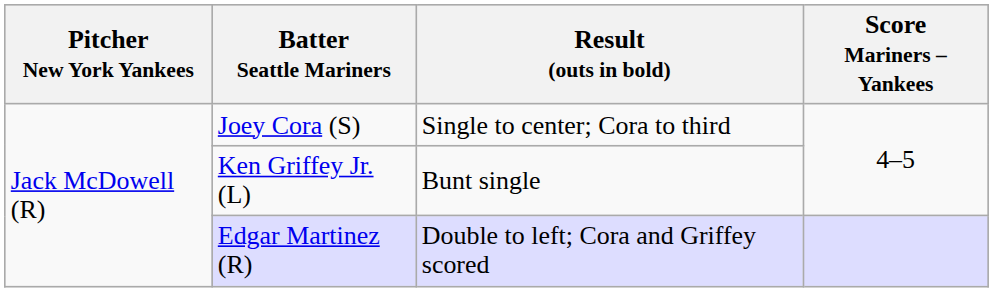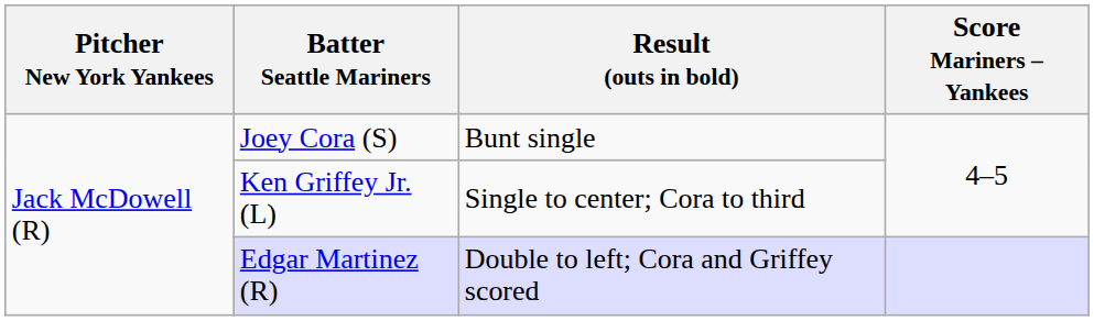 <table class="wikitable plainrowheaders" style="text-align:left">
 <tr>
 <th scope="col">Pitcher<br><small>New York Yankees</small></th>
 <th scope="col">Batter<br><small>Seattle Mariners</small></th>
 <th scope="col">Result<br><small>(outs in bold)</small></th>
 <th scope="col">Score<br><small>Mariners – Yankees</small></th>
 </tr>
 <tr>
 <td rowspan=3><a href='#'>Jack McDowell</a> (R)</td>
 <td><a href='#'>Joey Cora</a> (S)</td>
-<td>Single to center; Cora to third</td>
+<td>Bunt single</td>
 <td rowspan=2 style="text-align:center;">4–5</td>
 </tr>
 <tr>
 <td><a href='#'>Ken Griffey Jr.</a> (L)</td>
-<td>Bunt single</td>
+<td>Single to center; Cora to third</td>
 </tr>
 <tr>
 <td style="background:#ddf;"><a href='#'>Edgar Martinez</a> (R)</td>
 <td style="background:#ddf;">Double to left; Cora and Griffey scored</td>
 <td style="background:#ddf;"></td>
 </tr>
 </table>
